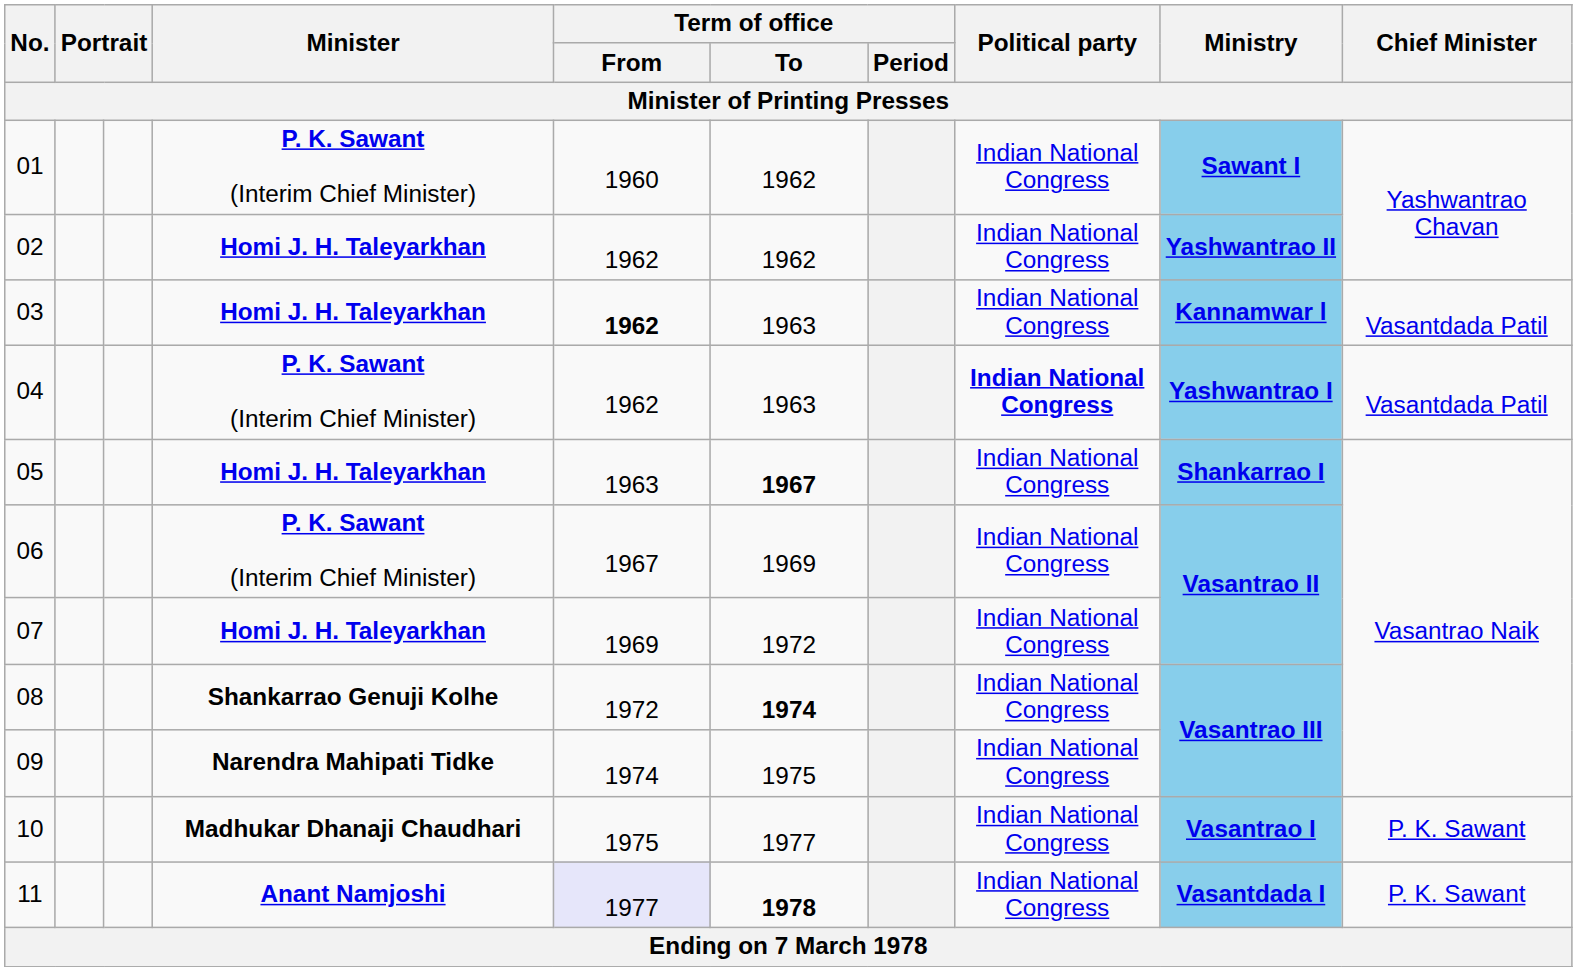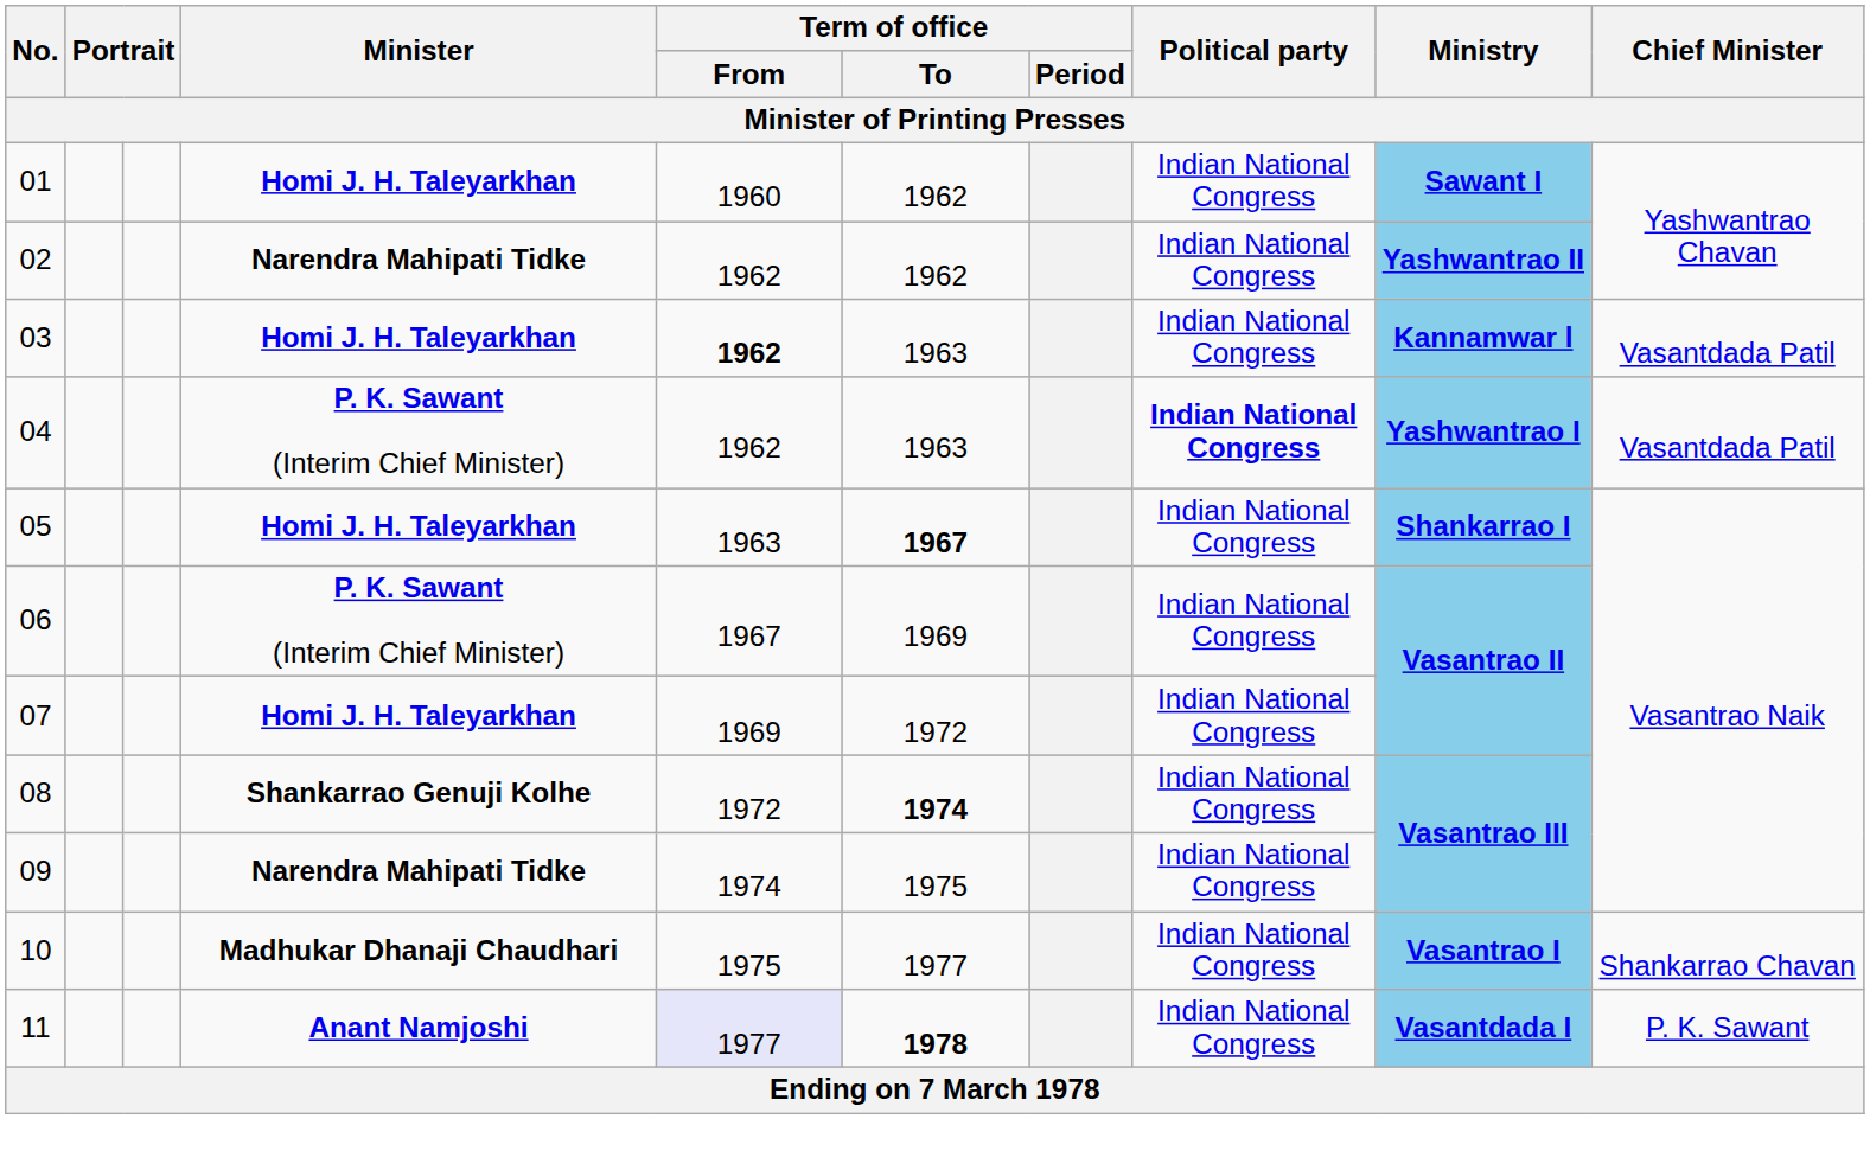 <table class="wikitable" style="text-align:center">
 <tr>
 <th rowspan="2">No.</th>
 <th rowspan="2" colspan="2">Portrait</th>
 <th rowspan="2" style="width:16em">Minister<br></th>
 <th colspan="3">Term of office</th>
 <th rowspan="2" style="width:8em">Political party</th>
 <th rowspan="2">Ministry</th>
 <th rowspan="2" style="width:9em">Chief Minister</th>
 </tr>
 <tr>
 <th style="width:6em">From</th>
 <th style="width:6em">To</th>
 <th>Period</th>
 </tr>
 <tr>
 <th colspan="10">Minister of Printing Presses</th>
 </tr>
 <tr>
 <td>01</td>
 <td style="color:inherit;background:"></td>
 <td></td>
-<td><strong><a href='#'>P. K. Sawant</a></strong> <br>  <br>(Interim Chief Minister)</td>
+<td><strong><a href='#'>Homi J. H. Taleyarkhan</a></strong> <br> </td>
 <td><br>1960</td>
 <td><br>1962</td>
 <th></th>
 <td><a href='#'>Indian National Congress</a></td>
 <td bgcolor="#87CEEB"><a href='#'><strong>Sawant I</strong></a></td>
 <td rowspan="2"> <br><a href='#'>Yashwantrao Chavan</a></td>
 </tr>
 <tr>
 <td>02</td>
 <td style="color:inherit;background:"></td>
 <td></td>
-<td><strong><a href='#'>Homi J. H. Taleyarkhan</a></strong> <br> </td>
+<td><strong>Narendra Mahipati Tidke</strong> <br> </td>
 <td><br>1962</td>
 <td><br>1962</td>
 <th></th>
 <td><a href='#'>Indian National Congress</a></td>
 <td bgcolor="#87CEEB"><a href='#'><strong>Yashwantrao II</strong></a></td>
 </tr>
 <tr>
 <td>03</td>
 <td style="color:inherit;background:"></td>
 <td></td>
 <td><strong><a href='#'>Homi J. H. Taleyarkhan</a></strong> <br> </td>
 <td><strong><br>1962</strong></td>
 <td><br>1963</td>
 <th></th>
 <td><a href='#'>Indian National Congress</a></td>
 <td bgcolor="#87CEEB"><a href='#'><strong>Kannamwar l</strong></a></td>
 <td rowspan="1"><br><a href='#'>Vasantdada Patil</a></td>
 </tr>
 <tr>
 <td>04</td>
 <td style="color:inherit;background:"></td>
 <td></td>
 <td><strong><a href='#'>P. K. Sawant</a></strong> <br>  <br>(Interim Chief Minister)</td>
 <td><br>1962</td>
 <td><br>1963</td>
 <th></th>
 <td><strong><a href='#'>Indian National Congress</a></strong></td>
 <td bgcolor="#87CEEB"><a href='#'><strong>Yashwantrao I</strong></a></td>
 <td rowspan="1"><br><a href='#'>Vasantdada Patil</a></td>
 </tr>
 <tr>
 <td>05</td>
 <td style="color:inherit;background:"></td>
 <td></td>
 <td><strong><a href='#'>Homi J. H. Taleyarkhan</a></strong> <br> </td>
 <td><br>1963</td>
 <td><strong><br>1967</strong></td>
 <th></th>
 <td><a href='#'>Indian National Congress</a></td>
 <td rowspan="1" bgcolor="#87CEEB"><a href='#'><strong>Shankarrao I</strong></a></td>
 <td rowspan="5"><br><a href='#'>Vasantrao Naik</a></td>
 </tr>
 <tr>
 <td>06</td>
 <td style="color:inherit;background:"></td>
 <td></td>
 <td><strong><a href='#'>P. K. Sawant</a></strong> <br>  <br>(Interim Chief Minister)</td>
 <td><br>1967</td>
 <td><br>1969</td>
 <th></th>
 <td><a href='#'>Indian National Congress</a></td>
 <td rowspan="2" bgcolor="#87CEEB"><a href='#'><strong>Vasantrao II</strong></a></td>
 </tr>
 <tr>
 <td>07</td>
 <td style="color:inherit;background:"></td>
 <td></td>
 <td><strong><a href='#'>Homi J. H. Taleyarkhan</a></strong> <br> </td>
 <td><br>1969</td>
 <td><br>1972</td>
 <th></th>
 <td><a href='#'>Indian National Congress</a></td>
 </tr>
 <tr>
 <td>08</td>
 <td style="color:inherit;background:"></td>
 <td></td>
 <td><strong>Shankarrao Genuji Kolhe</strong> <br> </td>
 <td><br>1972</td>
 <td><strong><br>1974</strong></td>
 <th></th>
 <td><a href='#'>Indian National Congress</a></td>
 <td rowspan="2" bgcolor="#87CEEB"><a href='#'><strong>Vasantrao III</strong></a></td>
 </tr>
 <tr>
 <td>09</td>
 <td style="color:inherit;background:"></td>
 <td></td>
 <td><strong>Narendra Mahipati Tidke</strong> <br> </td>
 <td><br>1974</td>
 <td><br>1975</td>
 <th></th>
 <td><a href='#'>Indian National Congress</a></td>
 </tr>
 <tr>
 <td>10</td>
 <td style="color:inherit;background:"></td>
 <td></td>
 <td><strong>Madhukar Dhanaji Chaudhari</strong> <br> </td>
 <td><br>1975</td>
 <td><br>1977</td>
 <th></th>
 <td><a href='#'>Indian National Congress</a></td>
 <td bgcolor="#87CEEB"><a href='#'><strong>Vasantrao I</strong></a></td>
-<td><a href='#'>P. K. Sawant</a></td>
+<td rowspan="1"><br><a href='#'>Shankarrao Chavan</a></td>
 </tr>
 <tr>
 <td>11</td>
 <td style="color:inherit;background:"></td>
 <td></td>
 <td><strong><a href='#'>Anant Namjoshi</a></strong> <br> </td>
 <td style="background: lavender;"><br>1977</td>
 <td><strong><br>1978</strong></td>
 <th></th>
 <td><a href='#'>Indian National Congress</a></td>
 <td rowspan="1" bgcolor="#88CEEB"><a href='#'><strong>Vasantdada I</strong></a></td>
 <td><a href='#'>P. K. Sawant</a></td>
 </tr>
 <tr>
 <th colspan="10">Ending on 7 March 1978</th>
 </tr>
 <tr>
 </tr>
 </table>
